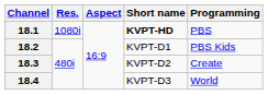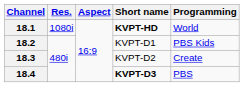 <table class="wikitable">
 <tr>
 <th scope = "col"><a href='#'>Channel</a></th>
 <th scope = "col"><a href='#'>Res.</a></th>
 <th scope = "col"><a href='#'>Aspect</a></th>
 <th scope = "col">Short name</th>
 <th scope = "col">Programming</th>
 </tr>
 <tr>
 <th scope = "row">18.1</th>
 <td><a href='#'>1080i</a></td>
 <td rowspan=4><a href='#'>16:9</a></td>
 <td><strong>KVPT-HD</strong></td>
-<td><a href='#'>PBS</a></td>
+<td><a href='#'>World</a></td>
 </tr>
 <tr>
 <th scope = "row">18.2</th>
 <td rowspan=3><a href='#'>480i</a></td>
 <td>KVPT-D1</td>
 <td><a href='#'>PBS Kids</a></td>
 </tr>
 <tr>
 <th scope = "row">18.3</th>
 <td>KVPT-D2</td>
 <td><a href='#'>Create</a></td>
 </tr>
 <tr>
 <th scope = "row">18.4</th>
-<td>KVPT-D3</td>
-<td><a href='#'>World</a></td>
+<td><strong>KVPT-D3</strong></td>
+<td><a href='#'>PBS</a></td>
 </tr>
 </table>
